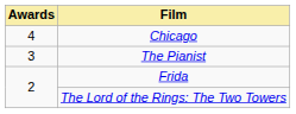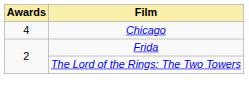 <table class="wikitable plainrowheaders" style="text-align: center;">
 <tr>
 <th style="background-color:#F9EFAA;">Awards</th>
 <th style="background-color:#F9EFAA;">Film</th>
 </tr>
 <tr>
 <td>4</td>
 <td><em><a href='#'>Chicago</a></em></td>
 </tr>
 <tr>
-<td>3</td>
-<td><em><a href='#'>The Pianist</a></em></td>
-</tr>
-<tr>
 <td rowspan=2>2</td>
 <td><em><a href='#'>Frida</a></em></td>
 </tr>
 <tr>
 <td><em><a href='#'>The Lord of the Rings: The Two Towers</a></em></td>
 </tr>
 </table>
